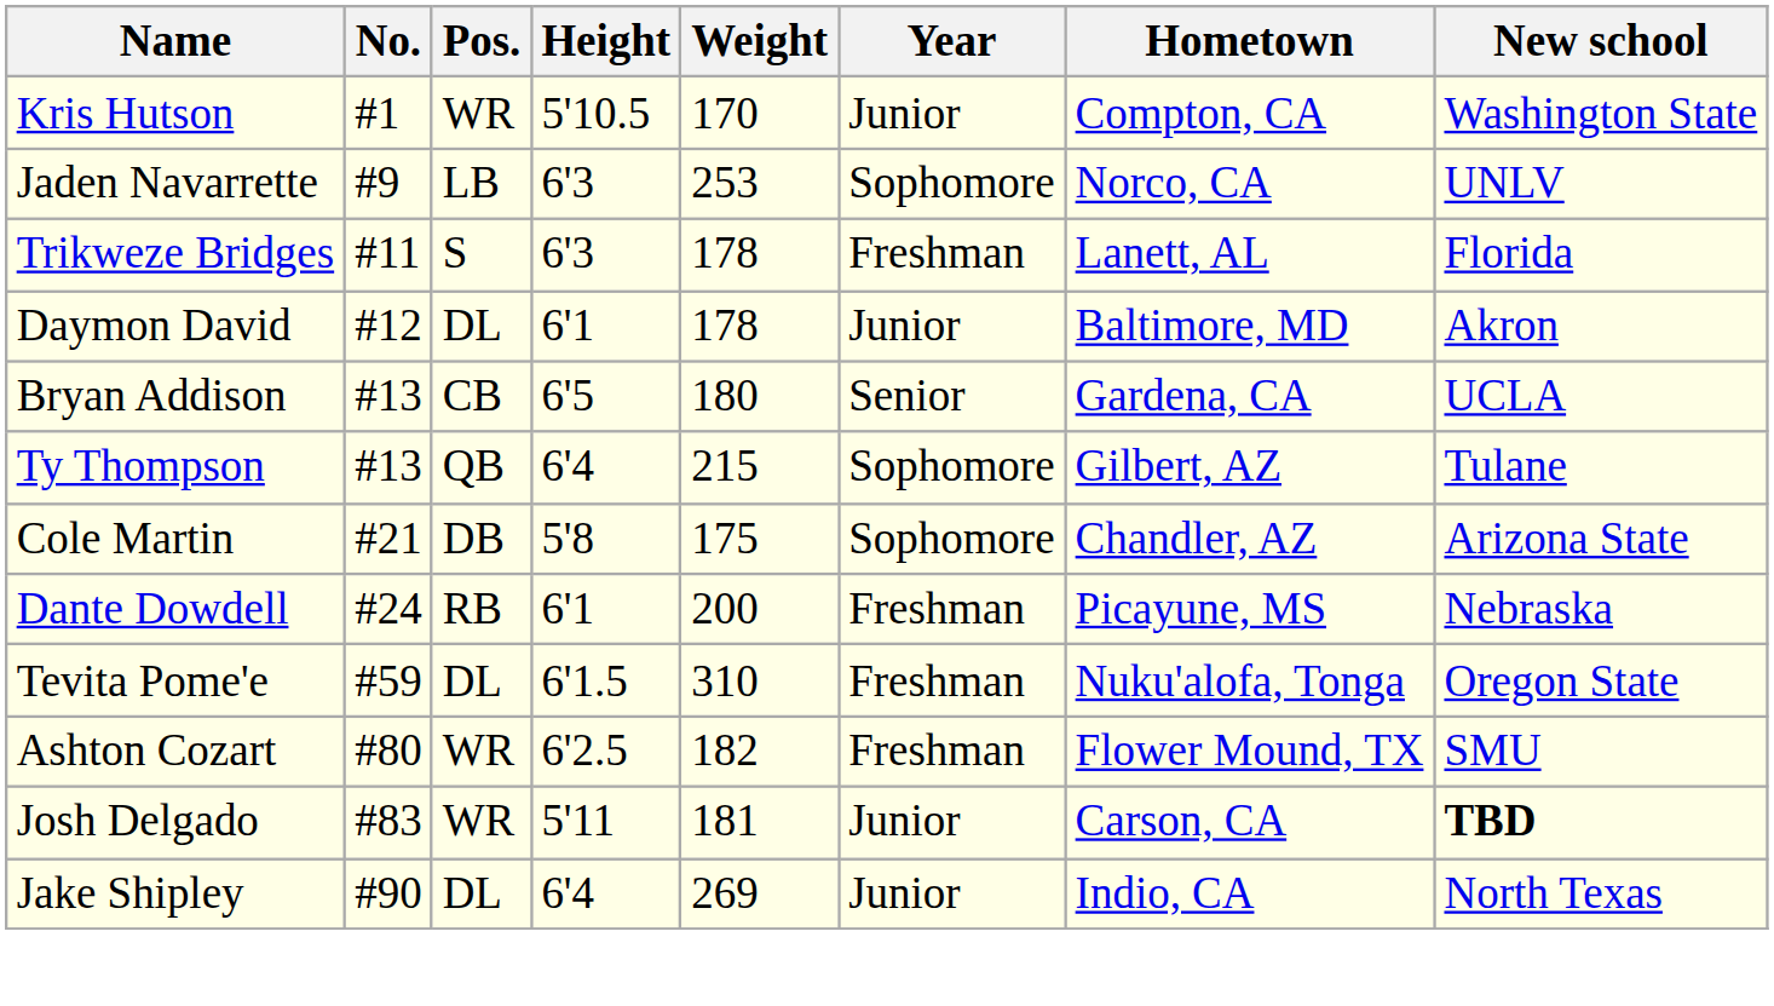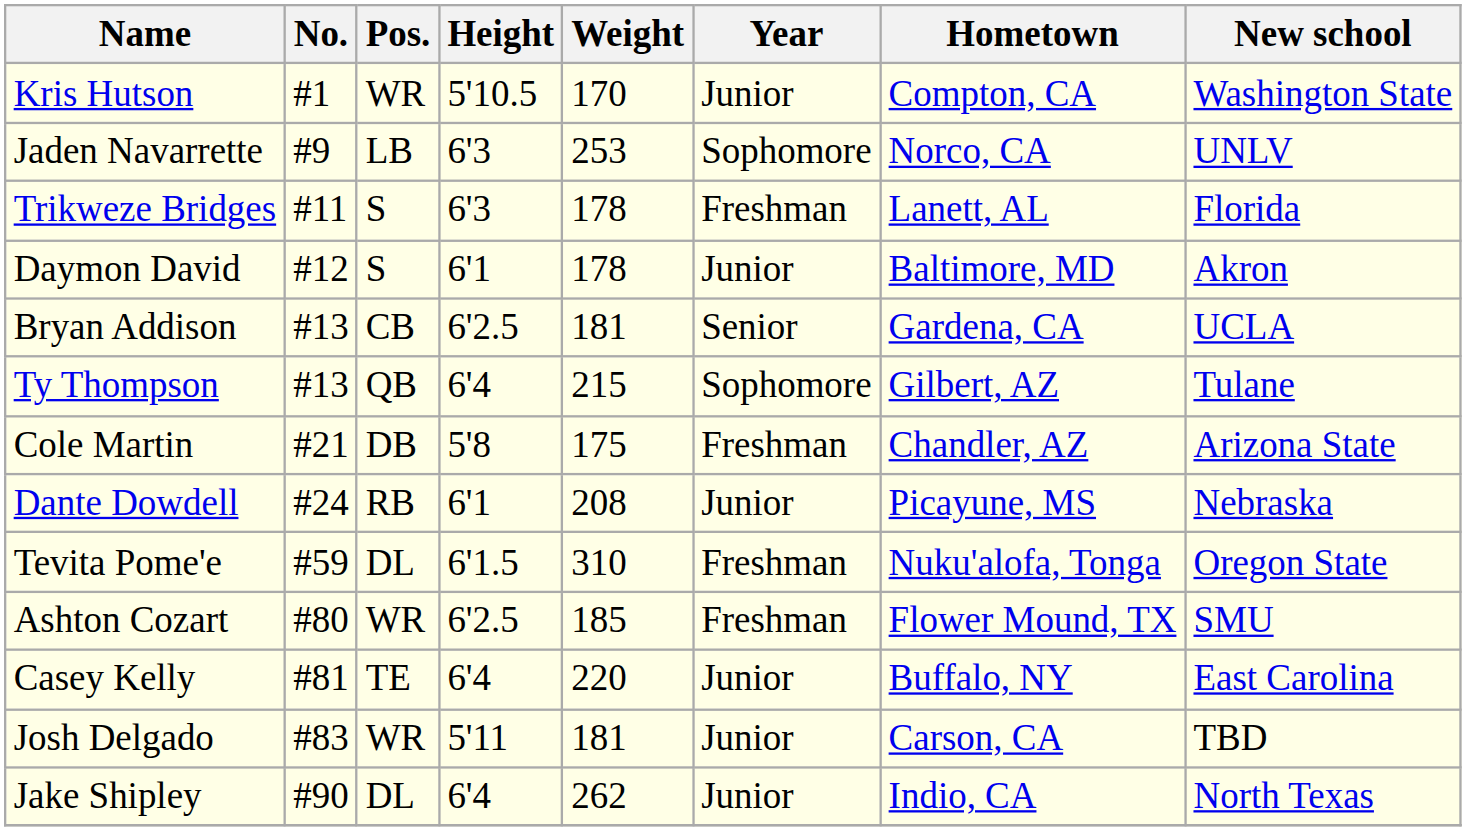 <table class="wikitable sortable mw-collapsible mw-collapsed">
 <tr>
 <th>Name</th>
 <th>No.</th>
 <th>Pos.</th>
 <th>Height</th>
 <th>Weight</th>
 <th>Year</th>
 <th>Hometown</th>
 <th class="unsortable">New school</th>
 </tr>
 <tr style="background:#FFFFE6;">
 <td><a href='#'>Kris Hutson</a></td>
 <td>#1</td>
 <td>WR</td>
 <td>5'10.5</td>
 <td>170</td>
 <td>Junior</td>
 <td><a href='#'>Compton, CA</a></td>
 <td><a href='#'>Washington State</a></td>
 </tr>
 <tr style="background:#FFFFE6;">
 <td>Jaden Navarrette</td>
 <td>#9</td>
 <td>LB</td>
 <td>6'3</td>
 <td>253</td>
 <td> Sophomore</td>
 <td><a href='#'>Norco, CA</a></td>
 <td><a href='#'>UNLV</a></td>
 </tr>
 <tr style="background:#FFFFE6;">
 <td><a href='#'>Trikweze Bridges</a></td>
 <td>#11</td>
 <td>S</td>
 <td>6'3</td>
 <td>178</td>
 <td>Freshman</td>
 <td><a href='#'>Lanett, AL</a></td>
 <td><a href='#'>Florida</a></td>
 </tr>
 <tr style="background:#FFFFE6;">
 <td>Daymon David</td>
 <td>#12</td>
-<td>DL</td>
+<td>S</td>
 <td>6'1</td>
 <td>178</td>
 <td>Junior</td>
 <td><a href='#'>Baltimore, MD</a></td>
 <td><a href='#'>Akron</a></td>
 </tr>
 <tr style="background:#FFFFE6;">
 <td>Bryan Addison</td>
 <td>#13</td>
 <td>CB</td>
-<td>6'5</td>
-<td>180</td>
+<td>6'2.5</td>
+<td>181</td>
 <td>Senior</td>
 <td><a href='#'>Gardena, CA</a></td>
 <td><a href='#'>UCLA</a></td>
 </tr>
 <tr style="background:#FFFFE6;">
 <td><a href='#'>Ty Thompson</a></td>
 <td>#13</td>
 <td>QB</td>
 <td>6'4</td>
 <td>215</td>
 <td> Sophomore</td>
 <td><a href='#'>Gilbert, AZ</a></td>
 <td><a href='#'>Tulane</a></td>
 </tr>
 <tr style="background:#FFFFE6;">
 <td>Cole Martin</td>
 <td>#21</td>
 <td>DB</td>
 <td>5'8</td>
 <td>175</td>
-<td> Sophomore</td>
+<td>Freshman</td>
 <td><a href='#'>Chandler, AZ</a></td>
 <td><a href='#'>Arizona State</a></td>
 </tr>
 <tr style="background:#FFFFE6;">
 <td><a href='#'>Dante Dowdell</a></td>
 <td>#24</td>
 <td>RB</td>
 <td>6'1</td>
-<td>200</td>
-<td>Freshman</td>
+<td>208</td>
+<td> Junior</td>
 <td><a href='#'>Picayune, MS</a></td>
 <td><a href='#'>Nebraska</a></td>
 </tr>
 <tr style="background:#FFFFE6;">
 <td>Tevita Pome'e</td>
 <td>#59</td>
 <td>DL</td>
 <td>6'1.5</td>
 <td>310</td>
 <td>Freshman</td>
 <td><a href='#'>Nuku'alofa, Tonga</a></td>
 <td><a href='#'>Oregon State</a></td>
 </tr>
 <tr style="background:#FFFFE6;">
 <td>Ashton Cozart</td>
 <td>#80</td>
 <td>WR</td>
 <td>6'2.5</td>
-<td>182</td>
+<td>185</td>
 <td>Freshman</td>
 <td><a href='#'>Flower Mound, TX</a></td>
 <td><a href='#'>SMU</a></td>
+</tr>
+<tr style="background:#FFFFE6;">
+<td>Casey Kelly</td>
+<td>#81</td>
+<td>TE</td>
+<td>6'4</td>
+<td>220</td>
+<td> Junior</td>
+<td><a href='#'>Buffalo, NY</a></td>
+<td><a href='#'>East Carolina</a></td>
 </tr>
 <tr style="background:#FFFFE6;">
 <td>Josh Delgado</td>
 <td>#83</td>
 <td>WR</td>
 <td>5'11</td>
 <td>181</td>
 <td> Junior</td>
 <td><a href='#'>Carson, CA</a></td>
-<td><strong>TBD</strong></td>
+<td>TBD</td>
 </tr>
 <tr style="background:#FFFFE6;">
 <td>Jake Shipley</td>
 <td>#90</td>
 <td>DL</td>
 <td>6'4</td>
-<td>269</td>
+<td>262</td>
 <td>Junior</td>
 <td><a href='#'>Indio, CA</a></td>
 <td><a href='#'>North Texas</a></td>
 </tr>
 <tr style="background:#FFFFE6;">
 </tr>
 </table>
